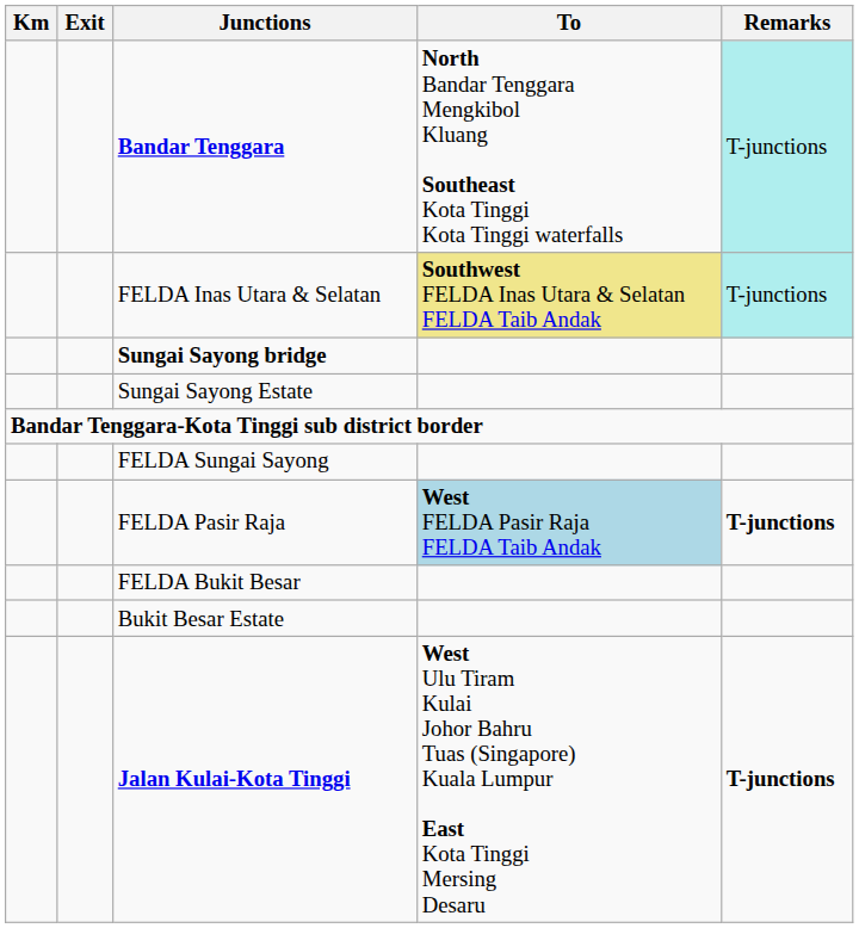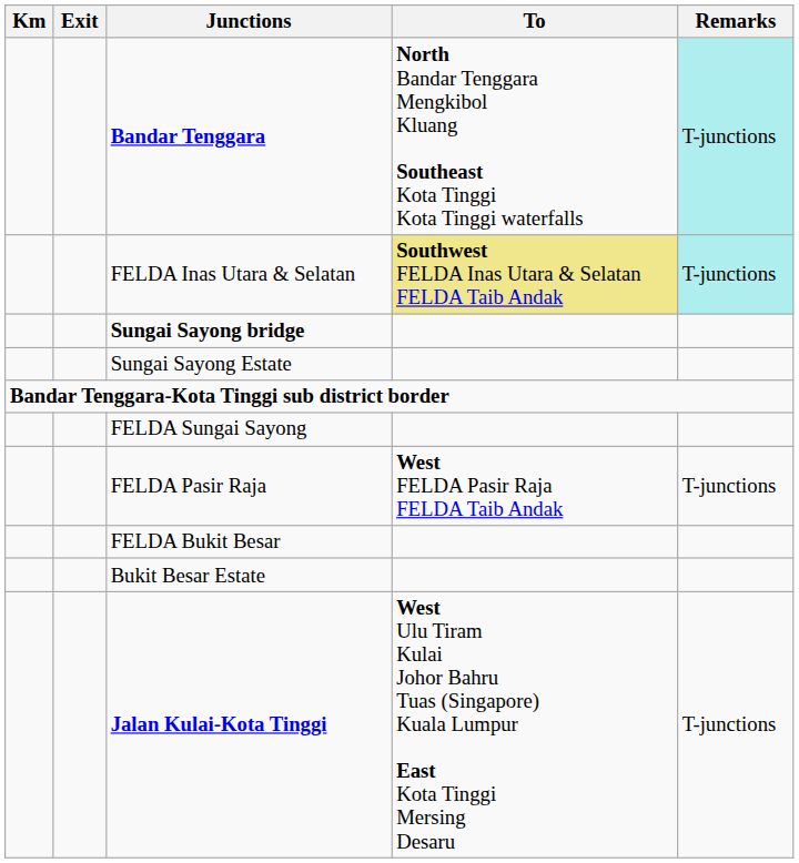 <table class="wikitable">
 <tr>
 <th>Km</th>
 <th>Exit</th>
 <th>Junctions</th>
 <th>To</th>
 <th>Remarks</th>
 </tr>
 <tr>
 <td></td>
 <td></td>
 <td><strong><a href='#'>Bandar Tenggara</a></strong></td>
 <td><strong>North</strong><br> Bandar Tenggara<br> Mengkibol<br> Kluang<br><br><strong>Southeast</strong><br> Kota Tinggi<br> Kota Tinggi waterfalls</td>
 <td style="background: paleturquoise;">T-junctions</td>
 </tr>
 <tr>
 <td></td>
 <td></td>
 <td>FELDA Inas Utara & Selatan</td>
 <td style="background: khaki;"><strong>Southwest</strong><br>FELDA Inas Utara & Selatan<br><a href='#'>FELDA Taib Andak</a></td>
 <td style="background: paleturquoise;">T-junctions</td>
 </tr>
 <tr>
 <td></td>
 <td></td>
 <td><strong>Sungai Sayong bridge</strong></td>
 <td></td>
 <td></td>
 </tr>
 <tr>
 <td></td>
 <td></td>
 <td>Sungai Sayong Estate</td>
 <td></td>
 <td></td>
 </tr>
 <tr>
 <td style="width:600px" colspan="6" style="text-align:center; background:maroon;"><strong><span>Bandar Tenggara-Kota Tinggi sub district border</span></strong></td>
 </tr>
 <tr>
 <td></td>
 <td></td>
 <td>FELDA Sungai Sayong</td>
 <td></td>
 <td></td>
 </tr>
 <tr>
 <td></td>
 <td></td>
 <td>FELDA Pasir Raja</td>
-<td style="background: lightblue;"><strong>West</strong><br>FELDA Pasir Raja<br><a href='#'>FELDA Taib Andak</a></td>
-<td><strong>T-junctions</strong></td>
+<td><strong>West</strong><br>FELDA Pasir Raja<br><a href='#'>FELDA Taib Andak</a></td>
+<td>T-junctions</td>
 </tr>
 <tr>
 <td></td>
 <td></td>
 <td>FELDA Bukit Besar</td>
 <td></td>
 <td></td>
 </tr>
 <tr>
 <td></td>
 <td></td>
 <td>Bukit Besar Estate</td>
 <td></td>
 <td></td>
 </tr>
 <tr>
 <td></td>
 <td></td>
 <td> <strong><a href='#'>Jalan Kulai-Kota Tinggi</a></strong></td>
 <td><strong>West</strong><br> Ulu Tiram<br> Kulai<br> Johor Bahru<br>  Tuas (Singapore)<br>  Kuala Lumpur<br><br><strong>East</strong><br> Kota Tinggi<br>  Mersing<br> Desaru</td>
-<td><strong>T-junctions</strong></td>
+<td>T-junctions</td>
 </tr>
 </table>
